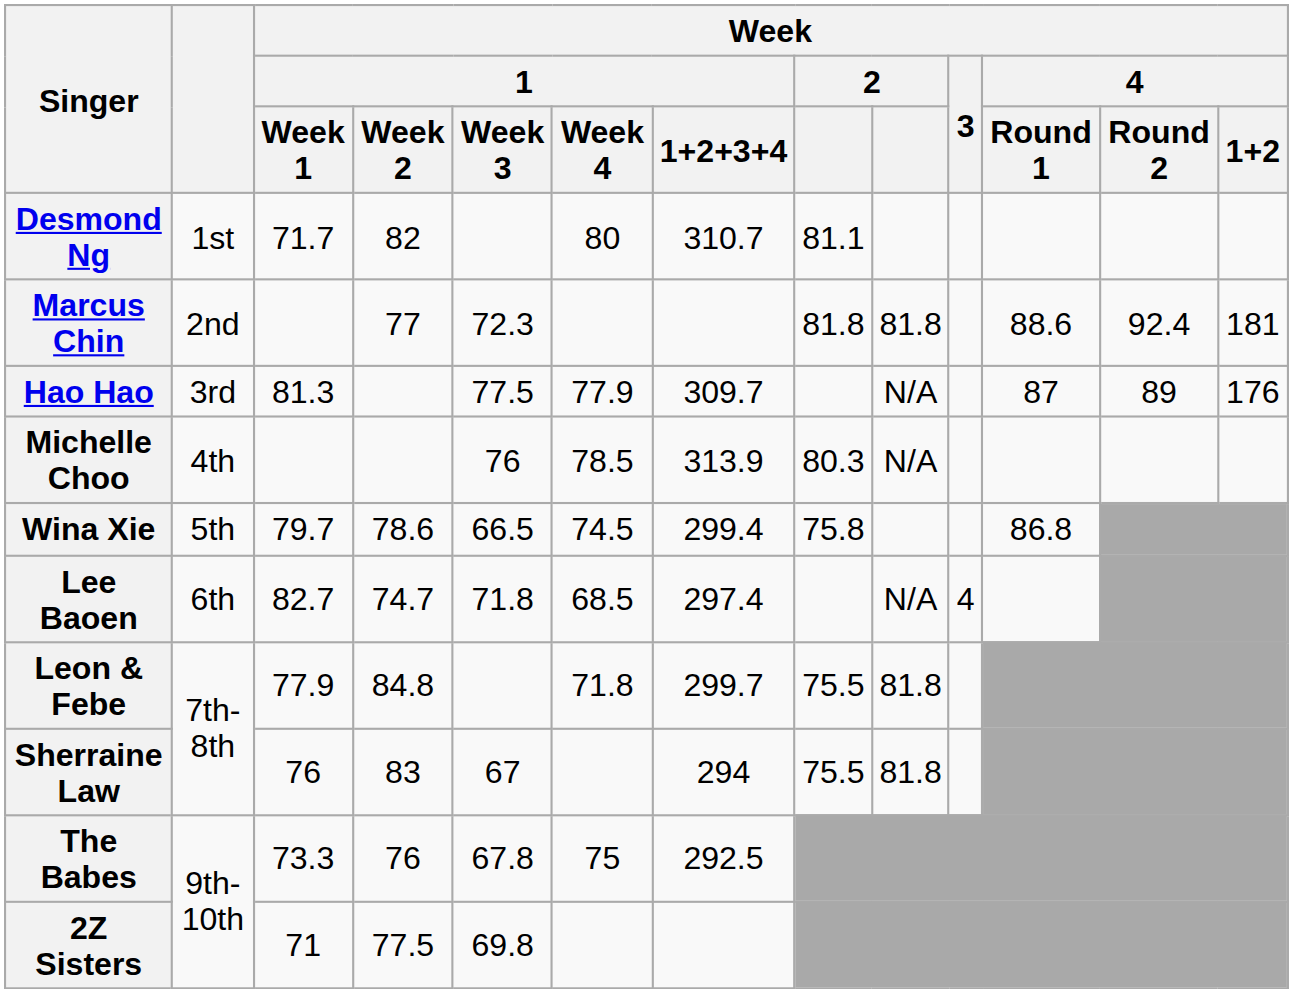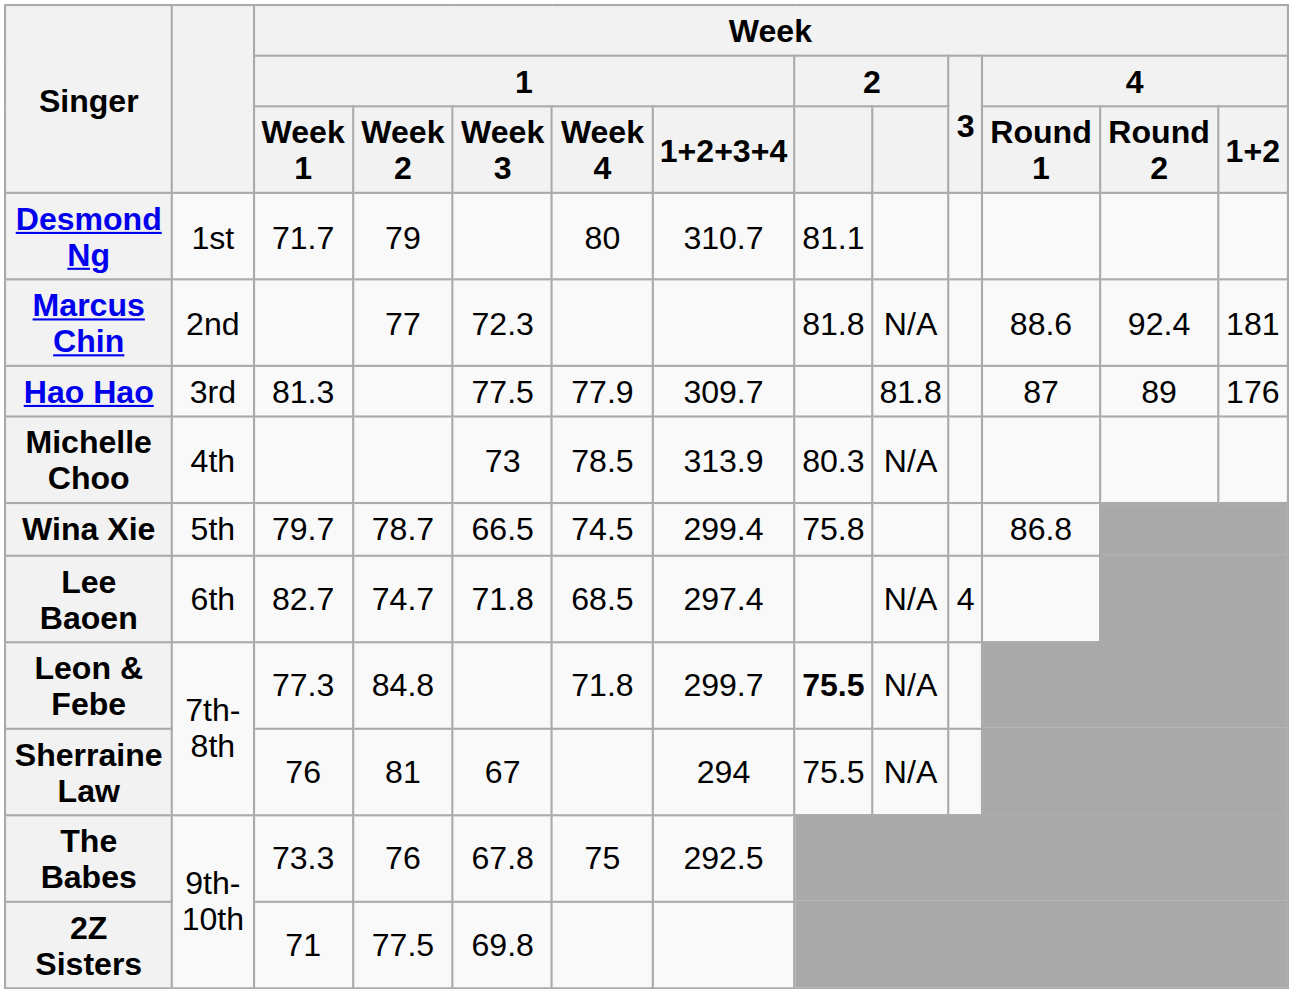 <table class="wikitable sortable" style="text-align:center; font-size:95%">
 <tr>
 <th scope="col" rowspan="3" style="text-align:center;">Singer</th>
 <th scope="col" rowspan="3" style="text-align:center;"></th>
 <th colspan="12" style="text-align:center;">Week</th>
 </tr>
 <tr>
 <th colspan="5" scope="col">1</th>
 <th colspan="2" scope="col">2</th>
 <th rowspan="2" scope="col">3</th>
 <th colspan="3" scope="col">4</th>
 </tr>
 <tr>
 <th>Week 1</th>
 <th>Week 2</th>
 <th>Week 3</th>
 <th>Week 4</th>
 <th>1+2+3+4</th>
 <th></th>
 <th></th>
 <th scope="col">Round 1</th>
 <th scope="col">Round 2</th>
 <th scope="col">1+2</th>
 </tr>
 <tr>
 <th><a href='#'>Desmond Ng</a></th>
 <td>1st</td>
 <td> 71.7</td>
-<td> 82</td>
+<td> 79</td>
 <td></td>
 <td>80</td>
 <td>310.7</td>
 <td>81.1</td>
 <td></td>
 <td></td>
 <td></td>
 <td></td>
 <td></td>
 </tr>
 <tr>
 <th><a href='#'>Marcus Chin</a></th>
 <td>2nd</td>
 <td></td>
 <td> 77</td>
 <td>72.3</td>
 <td></td>
 <td></td>
 <td> 81.8</td>
-<td> 81.8</td>
+<td>N/A</td>
 <td></td>
 <td> 88.6</td>
 <td> 92.4</td>
 <td>181</td>
 </tr>
 <tr>
 <th><a href='#'>Hao Hao</a></th>
 <td>3rd</td>
 <td>81.3</td>
 <td> </td>
 <td>77.5</td>
 <td>77.9</td>
 <td>309.7</td>
 <td></td>
-<td>N/A</td>
+<td> 81.8</td>
 <td></td>
 <td> 87</td>
 <td> 89</td>
 <td>176</td>
 </tr>
 <tr>
 <th>Michelle Choo</th>
 <td>4th</td>
 <td> </td>
 <td></td>
-<td>76</td>
+<td>73</td>
 <td>78.5</td>
 <td>313.9</td>
 <td>80.3</td>
 <td>N/A</td>
 <td></td>
 <td></td>
 <td> </td>
 <td></td>
 </tr>
 <tr>
 <th>Wina Xie</th>
 <td>5th</td>
 <td>79.7</td>
-<td>78.6</td>
+<td>78.7</td>
 <td>66.5</td>
 <td>74.5</td>
 <td>299.4</td>
 <td>75.8</td>
 <td></td>
 <td></td>
 <td>86.8</td>
 <td colspan="12" bgcolor=darkgray></td>
 </tr>
 <tr>
 <th>Lee Baoen</th>
 <td>6th</td>
 <td>82.7</td>
 <td>74.7</td>
 <td>71.8</td>
 <td>68.5</td>
 <td>297.4</td>
 <td> </td>
 <td>N/A</td>
 <td> 4</td>
 <td></td>
 <td colspan="12" bgcolor=darkgray></td>
 </tr>
 <tr>
 <th>Leon & Febe</th>
 <td rowspan=2>7th-8th</td>
-<td>77.9</td>
+<td>77.3</td>
 <td>84.8</td>
 <td></td>
 <td>71.8</td>
 <td>299.7</td>
-<td> 75.5</td>
-<td> 81.8</td>
+<td><strong> 75.5</strong></td>
+<td>N/A</td>
 <td></td>
 <td colspan="12" bgcolor=darkgray></td>
 </tr>
 <tr>
 <th>Sherraine Law</th>
 <td>76</td>
-<td>83</td>
+<td>81</td>
 <td>67</td>
 <td></td>
 <td>294</td>
 <td>75.5</td>
-<td> 81.8</td>
+<td>N/A</td>
 <td></td>
 <td colspan="12" bgcolor=darkgray></td>
 </tr>
 <tr>
 <th>The Babes</th>
 <td rowspan=2>9th-10th</td>
 <td>73.3</td>
 <td>76</td>
 <td>67.8</td>
 <td>75</td>
 <td>292.5</td>
 <td colspan="12" bgcolor=darkgray></td>
 </tr>
 <tr>
 <th>2Z Sisters</th>
 <td>71</td>
 <td>77.5</td>
 <td>69.8</td>
 <td></td>
 <td></td>
 <td colspan="12" bgcolor=darkgray></td>
 </tr>
 </table>
